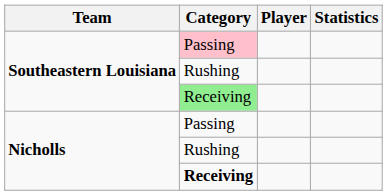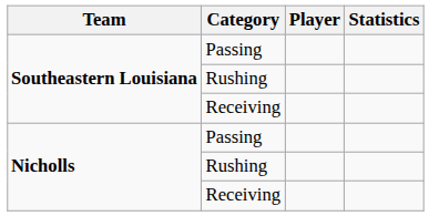 <table class="wikitable" style="float: right;">
 <tr>
 <th>Team</th>
 <th>Category</th>
 <th>Player</th>
 <th>Statistics</th>
 </tr>
 <tr>
 <td rowspan=3><strong>Southeastern Louisiana</strong></td>
-<td style="background: pink;">Passing</td>
+<td>Passing</td>
 <td></td>
 <td></td>
 </tr>
 <tr>
 <td>Rushing</td>
 <td></td>
 <td></td>
 </tr>
 <tr>
-<td style="background: lightgreen;">Receiving</td>
+<td>Receiving</td>
 <td></td>
 <td></td>
 </tr>
 <tr>
 <td rowspan=3><strong>Nicholls</strong></td>
 <td>Passing</td>
 <td></td>
 <td></td>
 </tr>
 <tr>
 <td>Rushing</td>
 <td></td>
 <td></td>
 </tr>
 <tr>
-<td><strong>Receiving</strong></td>
+<td>Receiving</td>
 <td></td>
 <td></td>
 </tr>
 </table>
